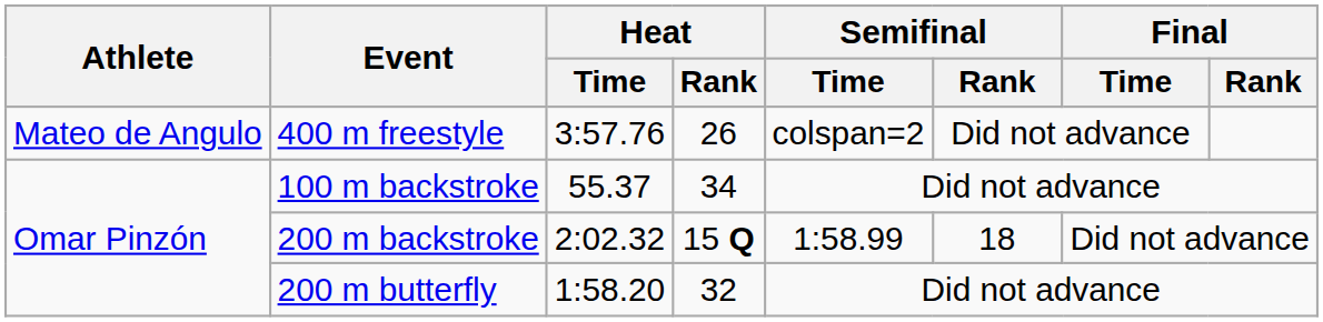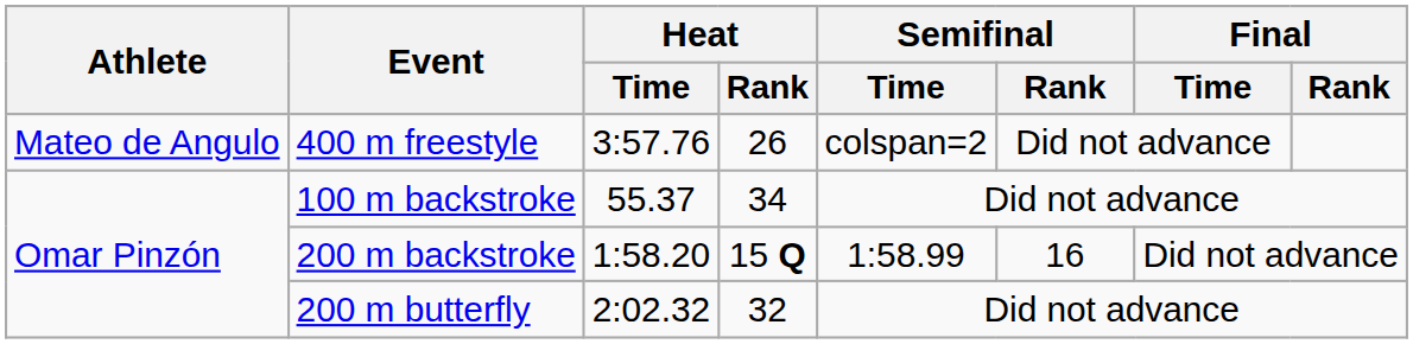 <table class=wikitable style="font-size:90%">
 <tr>
 <th rowspan="2">Athlete</th>
 <th rowspan="2">Event</th>
 <th colspan="2">Heat</th>
 <th colspan="2">Semifinal</th>
 <th colspan="2">Final</th>
 </tr>
 <tr style="font-size:95%">
 <th>Time</th>
 <th>Rank</th>
 <th>Time</th>
 <th>Rank</th>
 <th>Time</th>
 <th>Rank</th>
 </tr>
 <tr align=center>
 <td align=left><a href='#'>Mateo de Angulo</a></td>
 <td align=left><a href='#'>400 m freestyle</a></td>
 <td>3:57.76</td>
 <td>26</td>
 <td>colspan=2 </td>
 <td colspan=2>Did not advance</td>
 </tr>
 <tr align=center>
 <td align=left rowspan=3><a href='#'>Omar Pinzón</a></td>
 <td align=left><a href='#'>100 m backstroke</a></td>
 <td>55.37</td>
 <td>34</td>
 <td colspan=4>Did not advance</td>
 </tr>
 <tr align=center>
 <td align=left><a href='#'>200 m backstroke</a></td>
-<td>2:02.32</td>
+<td>1:58.20</td>
 <td>15 <strong>Q</strong></td>
 <td>1:58.99</td>
-<td>18</td>
+<td>16</td>
 <td colspan=2>Did not advance</td>
 </tr>
 <tr align=center>
 <td align=left><a href='#'>200 m butterfly</a></td>
-<td>1:58.20</td>
+<td>2:02.32</td>
 <td>32</td>
 <td colspan=4>Did not advance</td>
 </tr>
 </table>
